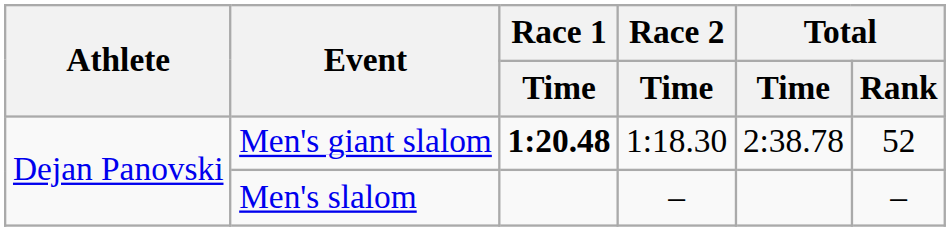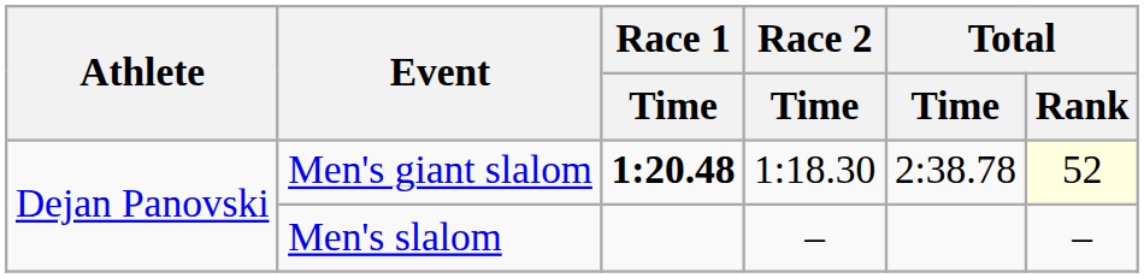 <table class="wikitable" style="font-size:90%">
 <tr>
 <th rowspan="2">Athlete</th>
 <th rowspan="2">Event</th>
 <th>Race 1</th>
 <th>Race 2</th>
 <th colspan="2">Total</th>
 </tr>
 <tr>
 <th>Time</th>
 <th>Time</th>
 <th>Time</th>
 <th>Rank</th>
 </tr>
 <tr>
 <td rowspan="2"><a href='#'>Dejan Panovski</a></td>
 <td><a href='#'>Men's giant slalom</a></td>
 <td align="center"><strong>1:20.48</strong></td>
 <td align="center">1:18.30</td>
 <td align="center">2:38.78</td>
-<td align="center">52</td>
+<td align="center" style="background: lightyellow;">52</td>
 </tr>
 <tr>
 <td><a href='#'>Men's slalom</a></td>
 <td align="center"></td>
 <td align="center">–</td>
 <td align="center"></td>
 <td align="center">–</td>
 </tr>
 </table>
